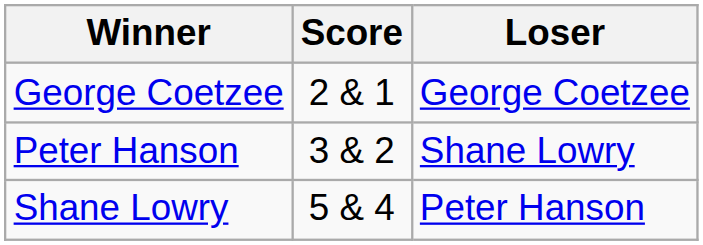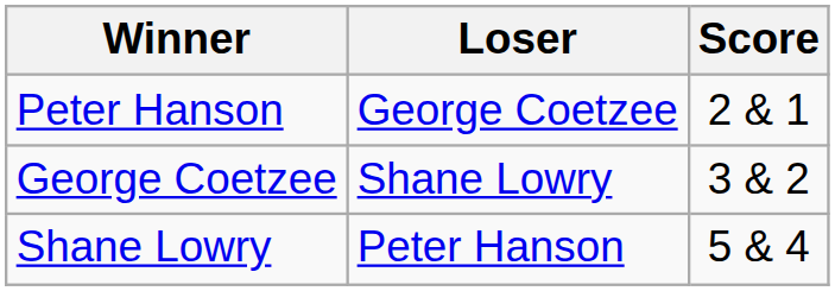 <table class="wikitable" font-size:95%;">
 <tr>
 <th>Winner</th>
+<th>Loser</th>
 <th>Score</th>
-<th>Loser</th>
+</tr>
+<tr>
+<td><a href='#'>Peter Hanson</a></td>
+<td><a href='#'>George Coetzee</a></td>
+<td align=center>2 & 1</td>
 </tr>
 <tr>
 <td><a href='#'>George Coetzee</a></td>
-<td align=center>2 & 1</td>
-<td><a href='#'>George Coetzee</a></td>
-</tr>
-<tr>
-<td><a href='#'>Peter Hanson</a></td>
+<td><a href='#'>Shane Lowry</a></td>
 <td align=center>3 & 2</td>
-<td><a href='#'>Shane Lowry</a></td>
 </tr>
 <tr>
 <td><a href='#'>Shane Lowry</a></td>
+<td><a href='#'>Peter Hanson</a></td>
 <td align=center>5 & 4</td>
-<td><a href='#'>Peter Hanson</a></td>
 </tr>
 </table>
